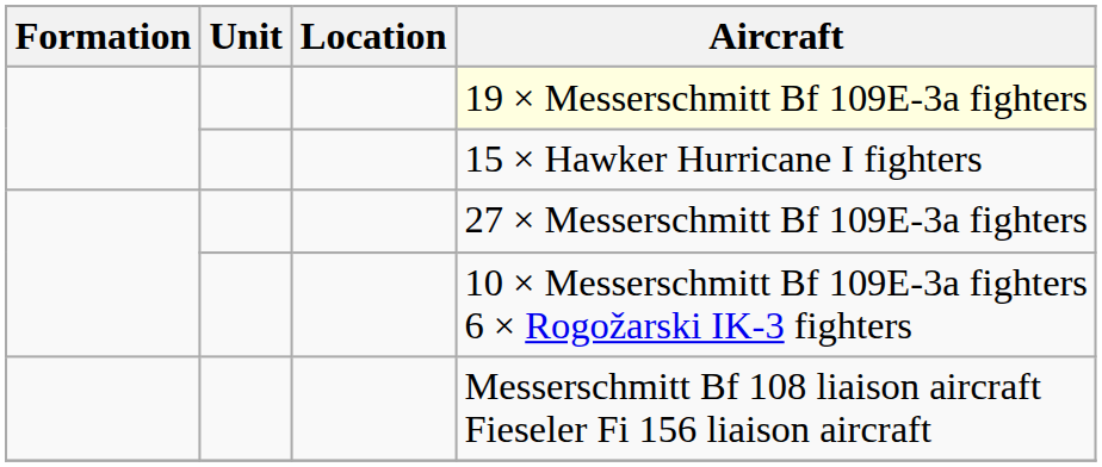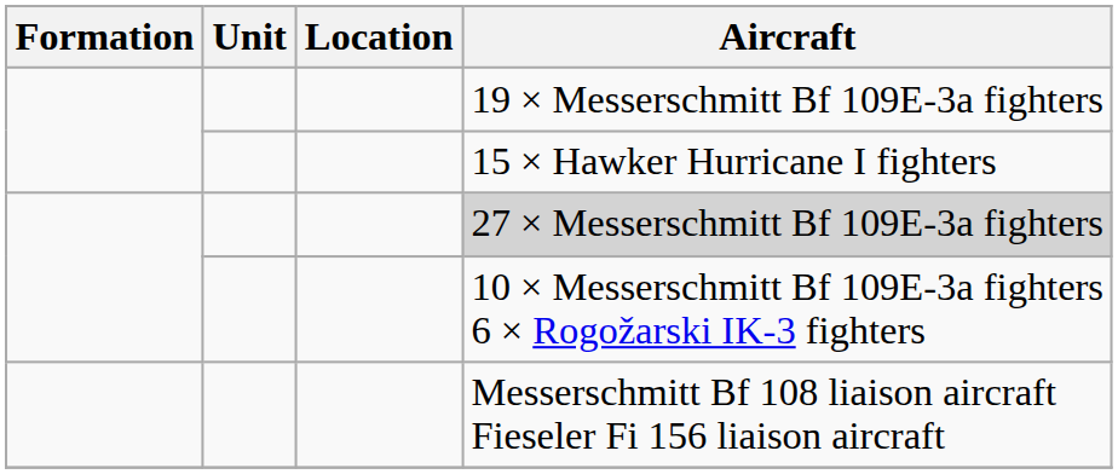 <table class="wikitable">
 <tr>
 <th scope="col">Formation</th>
 <th scope="col">Unit</th>
 <th scope="col">Location</th>
 <th scope="col">Aircraft</th>
 </tr>
 <tr>
 <td rowspan=2></td>
 <td></td>
 <td></td>
-<td style="background: lightyellow;">19 × Messerschmitt Bf 109E-3a fighters</td>
+<td>19 × Messerschmitt Bf 109E-3a fighters</td>
 </tr>
 <tr>
 <td></td>
 <td></td>
 <td>15 × Hawker Hurricane I fighters</td>
 </tr>
 <tr>
 <td rowspan=2></td>
 <td></td>
 <td></td>
-<td>27 × Messerschmitt Bf 109E-3a fighters</td>
+<td style="background: lightgrey;">27 × Messerschmitt Bf 109E-3a fighters</td>
 </tr>
 <tr>
 <td></td>
 <td></td>
 <td>10 × Messerschmitt Bf 109E-3a fighters<br>6 × <a href='#'>Rogožarski IK-3</a> fighters</td>
 </tr>
 <tr>
 <td rowspan=1></td>
 <td></td>
 <td></td>
 <td>Messerschmitt Bf 108 liaison aircraft<br>Fieseler Fi 156 liaison aircraft</td>
 </tr>
 <tr>
 </tr>
 </table>
